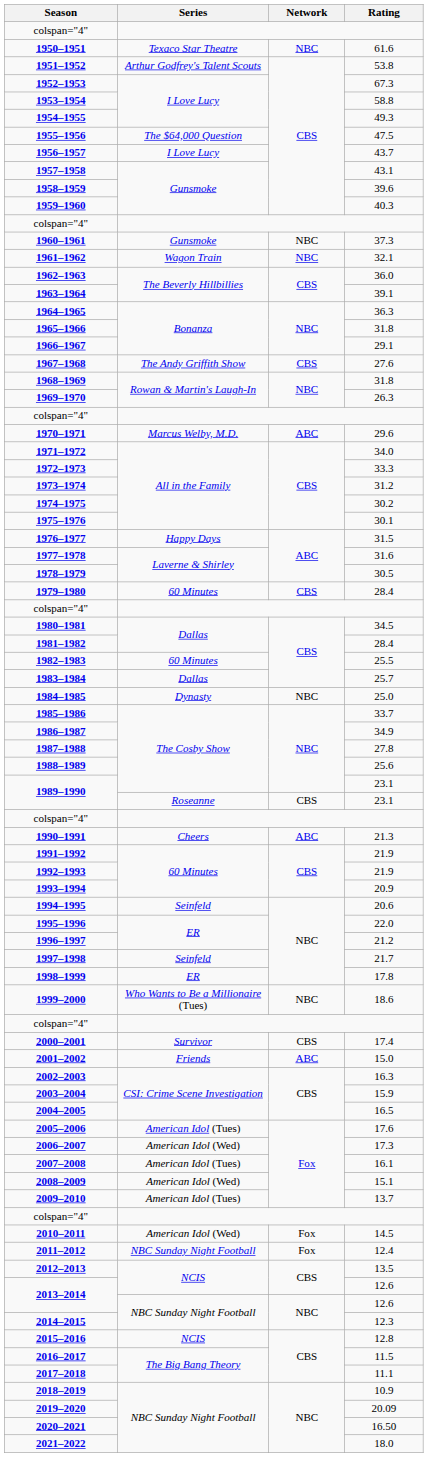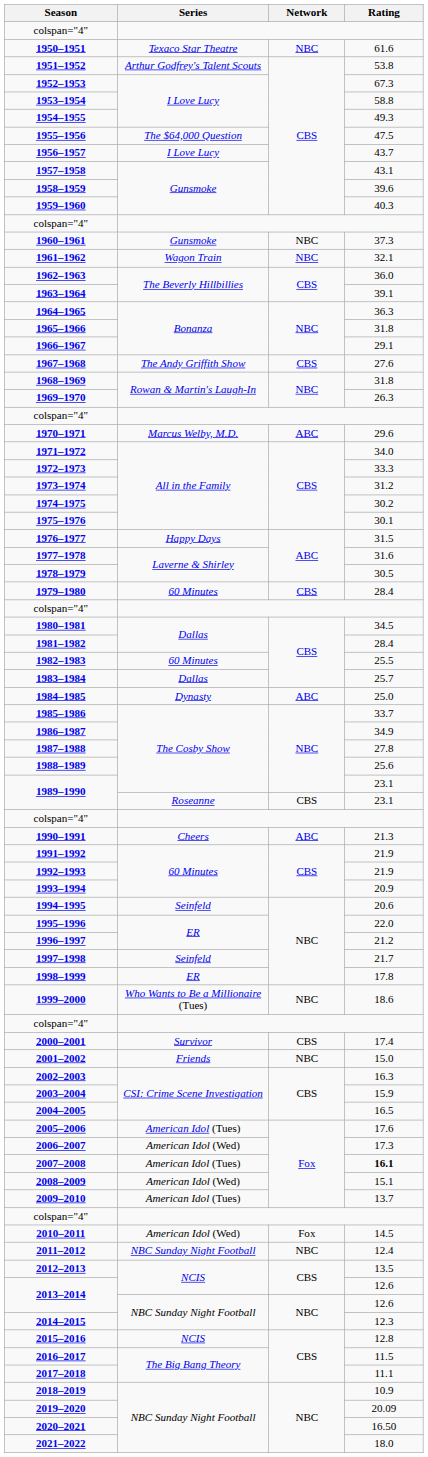 <table class="wikitable" style="text-align:center;">
 <tr>
 <th style="width:9%;">Season</th>
 <th style="width:15%;">Series</th>
 <th style="width:5%;">Network</th>
 <th style="width:7%;">Rating</th>
 </tr>
 <tr>
 <td>colspan="4" </td>
 </tr>
 <tr>
 <td><strong><a href='#'>1950–1951</a></strong></td>
 <td><em><a href='#'>Texaco Star Theatre</a></em></td>
 <td><a href='#'>NBC</a></td>
 <td>61.6</td>
 </tr>
 <tr>
 <td><strong><a href='#'>1951–1952</a></strong></td>
 <td><em><a href='#'>Arthur Godfrey's Talent Scouts</a></em></td>
 <td rowspan="9"><a href='#'>CBS</a></td>
 <td>53.8</td>
 </tr>
 <tr>
 <td><strong><a href='#'>1952–1953</a></strong></td>
 <td rowspan="3"><em><a href='#'>I Love Lucy</a></em></td>
 <td>67.3</td>
 </tr>
 <tr>
 <td><strong><a href='#'>1953–1954</a></strong></td>
 <td>58.8</td>
 </tr>
 <tr>
 <td><strong><a href='#'>1954–1955</a></strong></td>
 <td>49.3</td>
 </tr>
 <tr>
 <td><strong><a href='#'>1955–1956</a></strong></td>
 <td><em><a href='#'>The $64,000 Question</a></em></td>
 <td>47.5</td>
 </tr>
 <tr>
 <td><strong><a href='#'>1956–1957</a></strong></td>
 <td><em><a href='#'>I Love Lucy</a></em></td>
 <td>43.7</td>
 </tr>
 <tr>
 <td><strong><a href='#'>1957–1958</a></strong></td>
 <td rowspan="3"><em><a href='#'>Gunsmoke</a></em></td>
 <td>43.1</td>
 </tr>
 <tr>
 <td><strong><a href='#'>1958–1959</a></strong></td>
 <td>39.6</td>
 </tr>
 <tr>
 <td><strong><a href='#'>1959–1960</a></strong></td>
 <td>40.3</td>
 </tr>
 <tr>
 <td>colspan="4" </td>
 </tr>
 <tr>
 <td><strong><a href='#'>1960–1961</a></strong></td>
 <td><em><a href='#'>Gunsmoke</a></em></td>
 <td>NBC</td>
 <td>37.3</td>
 </tr>
 <tr>
 <td><strong><a href='#'>1961–1962</a></strong></td>
 <td><em><a href='#'>Wagon Train</a></em></td>
 <td><a href='#'>NBC</a></td>
 <td>32.1</td>
 </tr>
 <tr>
 <td><strong><a href='#'>1962–1963</a></strong></td>
 <td rowspan="2"><em><a href='#'>The Beverly Hillbillies</a></em></td>
 <td rowspan="2"><a href='#'>CBS</a></td>
 <td>36.0</td>
 </tr>
 <tr>
 <td><strong><a href='#'>1963–1964</a></strong></td>
 <td>39.1</td>
 </tr>
 <tr>
 <td><strong><a href='#'>1964–1965</a></strong></td>
 <td rowspan="3"><em><a href='#'>Bonanza</a></em></td>
 <td rowspan="3"><a href='#'>NBC</a></td>
 <td>36.3</td>
 </tr>
 <tr>
 <td><strong><a href='#'>1965–1966</a></strong></td>
 <td>31.8</td>
 </tr>
 <tr>
 <td><strong><a href='#'>1966–1967</a></strong></td>
 <td>29.1</td>
 </tr>
 <tr>
 <td><strong><a href='#'>1967–1968</a></strong></td>
 <td><em><a href='#'>The Andy Griffith Show</a></em></td>
 <td><a href='#'>CBS</a></td>
 <td>27.6</td>
 </tr>
 <tr>
 <td><strong><a href='#'>1968–1969</a></strong></td>
 <td rowspan="2"><em><a href='#'>Rowan & Martin's Laugh-In</a></em></td>
 <td rowspan="2"><a href='#'>NBC</a></td>
 <td>31.8</td>
 </tr>
 <tr>
 <td><strong><a href='#'>1969–1970</a></strong></td>
 <td>26.3</td>
 </tr>
 <tr>
 <td>colspan="4" </td>
 </tr>
 <tr>
 <td><strong><a href='#'>1970–1971</a></strong></td>
 <td><em><a href='#'>Marcus Welby, M.D.</a></em></td>
 <td><a href='#'>ABC</a></td>
 <td>29.6</td>
 </tr>
 <tr>
 <td><strong><a href='#'>1971–1972</a></strong></td>
 <td rowspan="5"><em><a href='#'>All in the Family</a></em></td>
 <td rowspan="5"><a href='#'>CBS</a></td>
 <td>34.0</td>
 </tr>
 <tr>
 <td><strong><a href='#'>1972–1973</a></strong></td>
 <td>33.3</td>
 </tr>
 <tr>
 <td><strong><a href='#'>1973–1974</a></strong></td>
 <td>31.2</td>
 </tr>
 <tr>
 <td><strong><a href='#'>1974–1975</a></strong></td>
 <td>30.2</td>
 </tr>
 <tr>
 <td><strong><a href='#'>1975–1976</a></strong></td>
 <td>30.1</td>
 </tr>
 <tr>
 <td><strong><a href='#'>1976–1977</a></strong></td>
 <td><em><a href='#'>Happy Days</a></em></td>
 <td rowspan="3"><a href='#'>ABC</a></td>
 <td>31.5</td>
 </tr>
 <tr>
 <td><strong><a href='#'>1977–1978</a></strong></td>
 <td rowspan="2"><em><a href='#'>Laverne & Shirley</a></em></td>
 <td>31.6</td>
 </tr>
 <tr>
 <td><strong><a href='#'>1978–1979</a></strong></td>
 <td>30.5</td>
 </tr>
 <tr>
 <td><strong><a href='#'>1979–1980</a></strong></td>
 <td><em><a href='#'>60 Minutes</a></em></td>
 <td><a href='#'>CBS</a></td>
 <td>28.4</td>
 </tr>
 <tr>
 <td>colspan="4" </td>
 </tr>
 <tr>
 <td><strong><a href='#'>1980–1981</a></strong></td>
 <td rowspan="2"><em><a href='#'>Dallas</a></em></td>
 <td rowspan="4"><a href='#'>CBS</a></td>
 <td>34.5</td>
 </tr>
 <tr>
 <td><strong><a href='#'>1981–1982</a></strong></td>
 <td>28.4</td>
 </tr>
 <tr>
 <td><strong><a href='#'>1982–1983</a></strong></td>
 <td><em><a href='#'>60 Minutes</a></em></td>
 <td>25.5</td>
 </tr>
 <tr>
 <td><strong><a href='#'>1983–1984</a></strong></td>
 <td><em><a href='#'>Dallas</a></em></td>
 <td>25.7</td>
 </tr>
 <tr>
 <td><strong><a href='#'>1984–1985</a></strong></td>
 <td><em><a href='#'>Dynasty</a></em></td>
-<td>NBC</td>
+<td><a href='#'>ABC</a></td>
 <td>25.0</td>
 </tr>
 <tr>
 <td><strong><a href='#'>1985–1986</a></strong></td>
 <td rowspan="5"><em><a href='#'>The Cosby Show</a></em></td>
 <td rowspan="5"><a href='#'>NBC</a></td>
 <td>33.7</td>
 </tr>
 <tr>
 <td><strong><a href='#'>1986–1987</a></strong></td>
 <td>34.9</td>
 </tr>
 <tr>
 <td><strong><a href='#'>1987–1988</a></strong></td>
 <td>27.8</td>
 </tr>
 <tr>
 <td><strong><a href='#'>1988–1989</a></strong></td>
 <td>25.6</td>
 </tr>
 <tr>
 <td rowspan="2"><strong><a href='#'>1989–1990</a></strong></td>
 <td>23.1</td>
 </tr>
 <tr>
 <td><em><a href='#'>Roseanne</a></em></td>
 <td>CBS</td>
 <td>23.1</td>
 </tr>
 <tr>
 <td>colspan="4" </td>
 </tr>
 <tr>
 <td><strong><a href='#'>1990–1991</a></strong></td>
 <td><em><a href='#'>Cheers</a></em></td>
 <td><a href='#'>ABC</a></td>
 <td>21.3</td>
 </tr>
 <tr>
 <td><strong><a href='#'>1991–1992</a></strong></td>
 <td rowspan="3"><em><a href='#'>60 Minutes</a></em></td>
 <td rowspan="3"><a href='#'>CBS</a></td>
 <td>21.9</td>
 </tr>
 <tr>
 <td><strong><a href='#'>1992–1993</a></strong></td>
 <td>21.9</td>
 </tr>
 <tr>
 <td><strong><a href='#'>1993–1994</a></strong></td>
 <td>20.9</td>
 </tr>
 <tr>
 <td><strong><a href='#'>1994–1995</a></strong></td>
 <td><em><a href='#'>Seinfeld</a></em></td>
 <td rowspan="5">NBC</td>
 <td>20.6</td>
 </tr>
 <tr>
 <td><strong><a href='#'>1995–1996</a></strong></td>
 <td rowspan="2"><em><a href='#'>ER</a></em></td>
 <td>22.0</td>
 </tr>
 <tr>
 <td><strong><a href='#'>1996–1997</a></strong></td>
 <td>21.2</td>
 </tr>
 <tr>
 <td><strong><a href='#'>1997–1998</a></strong></td>
 <td><em><a href='#'>Seinfeld</a></em></td>
 <td>21.7</td>
 </tr>
 <tr>
 <td><strong><a href='#'>1998–1999</a></strong></td>
 <td><em><a href='#'>ER</a></em></td>
 <td>17.8</td>
 </tr>
 <tr>
 <td><strong><a href='#'>1999–2000</a></strong></td>
 <td><em><a href='#'>Who Wants to Be a Millionaire</a></em> (Tues)</td>
 <td>NBC</td>
 <td>18.6</td>
 </tr>
 <tr>
 <td>colspan="4" </td>
 </tr>
 <tr>
 <td><strong><a href='#'>2000–2001</a></strong></td>
 <td><em><a href='#'>Survivor</a></em></td>
 <td>CBS</td>
 <td>17.4</td>
 </tr>
 <tr>
 <td><strong><a href='#'>2001–2002</a></strong></td>
 <td><em><a href='#'>Friends</a></em></td>
-<td><a href='#'>ABC</a></td>
+<td>NBC</td>
 <td>15.0</td>
 </tr>
 <tr>
 <td><strong><a href='#'>2002–2003</a></strong></td>
 <td rowspan="3"><em><a href='#'>CSI: Crime Scene Investigation</a></em></td>
 <td rowspan="3">CBS</td>
 <td>16.3</td>
 </tr>
 <tr>
 <td><strong><a href='#'>2003–2004</a></strong></td>
 <td>15.9</td>
 </tr>
 <tr>
 <td><strong><a href='#'>2004–2005</a></strong></td>
 <td>16.5</td>
 </tr>
 <tr>
 <td><strong><a href='#'>2005–2006</a></strong></td>
 <td><em><a href='#'>American Idol</a></em> (Tues)</td>
 <td rowspan="5"><a href='#'>Fox</a></td>
 <td>17.6</td>
 </tr>
 <tr>
 <td><strong><a href='#'>2006–2007</a></strong></td>
 <td><em>American Idol</em> (Wed)</td>
 <td>17.3</td>
 </tr>
 <tr>
 <td><strong><a href='#'>2007–2008</a></strong></td>
 <td><em>American Idol</em> (Tues)</td>
-<td>16.1</td>
+<td><strong>16.1</strong></td>
 </tr>
 <tr>
 <td><strong><a href='#'>2008–2009</a></strong></td>
 <td><em>American Idol</em> (Wed)</td>
 <td>15.1</td>
 </tr>
 <tr>
 <td><strong><a href='#'>2009–2010</a></strong></td>
 <td><em>American Idol</em> (Tues)</td>
 <td>13.7</td>
 </tr>
 <tr>
 <td>colspan="4" </td>
 </tr>
 <tr>
 <td><strong><a href='#'>2010–2011</a></strong></td>
 <td><em>American Idol</em> (Wed)</td>
 <td>Fox</td>
 <td>14.5</td>
 </tr>
 <tr>
 <td><strong><a href='#'>2011–2012</a></strong></td>
 <td><em><a href='#'>NBC Sunday Night Football</a></em></td>
-<td>Fox</td>
+<td>NBC</td>
 <td>12.4</td>
 </tr>
 <tr>
 <td><strong><a href='#'>2012–2013</a></strong></td>
 <td rowspan="2"><em><a href='#'>NCIS</a></em></td>
 <td rowspan="2">CBS</td>
 <td>13.5</td>
 </tr>
 <tr>
 <td rowspan="2"><strong><a href='#'>2013–2014</a></strong></td>
 <td>12.6</td>
 </tr>
 <tr>
 <td rowspan="2"><em>NBC Sunday Night Football</em></td>
 <td rowspan="2">NBC</td>
 <td>12.6</td>
 </tr>
 <tr>
 <td><strong><a href='#'>2014–2015</a></strong></td>
 <td>12.3</td>
 </tr>
 <tr>
 <td><strong><a href='#'>2015–2016</a></strong></td>
 <td><em><a href='#'>NCIS</a></em></td>
 <td rowspan="3">CBS</td>
 <td>12.8</td>
 </tr>
 <tr>
 <td><strong><a href='#'>2016–2017</a></strong></td>
 <td rowspan="2"><em><a href='#'>The Big Bang Theory</a></em></td>
 <td>11.5</td>
 </tr>
 <tr>
 <td><strong><a href='#'>2017–2018</a></strong></td>
 <td>11.1</td>
 </tr>
 <tr>
 <td><strong><a href='#'>2018–2019</a></strong></td>
 <td rowspan="4"><em>NBC Sunday Night Football</em></td>
 <td rowspan="4">NBC</td>
 <td>10.9</td>
 </tr>
 <tr>
 <td><strong><a href='#'>2019–2020</a></strong></td>
 <td>20.09</td>
 </tr>
 <tr>
 <td><strong><a href='#'>2020–2021</a></strong></td>
 <td>16.50</td>
 </tr>
 <tr>
 <td><strong><a href='#'>2021–2022</a></strong></td>
 <td>18.0</td>
 </tr>
 </table>
